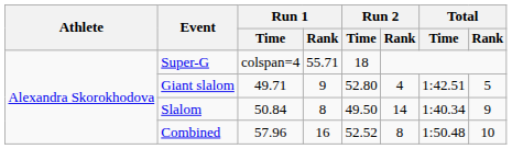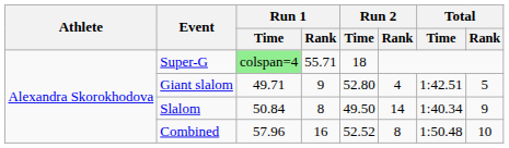 <table class="wikitable" style="font-size:90%">
 <tr>
 <th rowspan=2>Athlete</th>
 <th rowspan=2>Event</th>
 <th colspan=2>Run 1</th>
 <th colspan=2>Run 2</th>
 <th colspan=2>Total</th>
 </tr>
 <tr style="font-size:95%">
 <th>Time</th>
 <th>Rank</th>
 <th>Time</th>
 <th>Rank</th>
 <th>Time</th>
 <th>Rank</th>
 </tr>
 <tr align=center>
 <td align="left" rowspan="4"><a href='#'>Alexandra Skorokhodova</a></td>
 <td align="left"><a href='#'>Super-G</a></td>
-<td>colspan=4</td>
+<td style="background: lightgreen;">colspan=4</td>
 <td>55.71</td>
 <td>18</td>
 </tr>
 <tr align=center>
 <td align="left"><a href='#'>Giant slalom</a></td>
 <td>49.71</td>
 <td>9</td>
 <td>52.80</td>
 <td>4</td>
 <td>1:42.51</td>
 <td>5</td>
 </tr>
 <tr align=center>
 <td align="left"><a href='#'>Slalom</a></td>
 <td>50.84</td>
 <td>8</td>
 <td>49.50</td>
 <td>14</td>
 <td>1:40.34</td>
 <td>9</td>
 </tr>
 <tr align=center>
 <td align="left"><a href='#'>Combined</a></td>
 <td>57.96</td>
 <td>16</td>
 <td>52.52</td>
 <td>8</td>
 <td>1:50.48</td>
 <td>10</td>
 </tr>
 </table>
